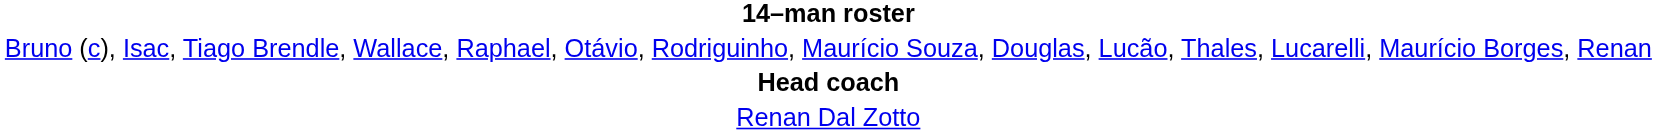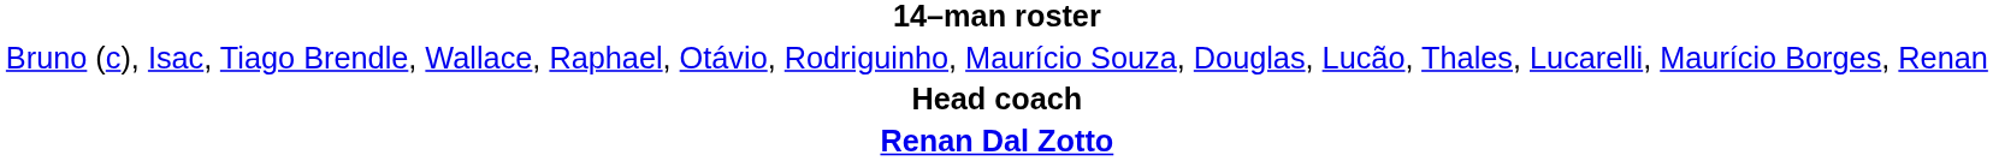 <table style="text-align:center; margin-top:2em; margin-left:auto; margin-right:auto">
 <tr>
 <td><strong>14–man roster</strong></td>
 </tr>
 <tr>
 <td><a href='#'>Bruno</a> (<a href='#'>c</a>), <a href='#'>Isac</a>, <a href='#'>Tiago Brendle</a>, <a href='#'>Wallace</a>, <a href='#'>Raphael</a>, <a href='#'>Otávio</a>, <a href='#'>Rodriguinho</a>, <a href='#'>Maurício Souza</a>, <a href='#'>Douglas</a>, <a href='#'>Lucão</a>, <a href='#'>Thales</a>, <a href='#'>Lucarelli</a>, <a href='#'>Maurício Borges</a>, <a href='#'>Renan</a></td>
 </tr>
 <tr>
 <td><strong>Head coach</strong></td>
 </tr>
 <tr>
-<td><a href='#'>Renan Dal Zotto</a></td>
+<td><strong><a href='#'>Renan Dal Zotto</a></strong></td>
 </tr>
 </table>
